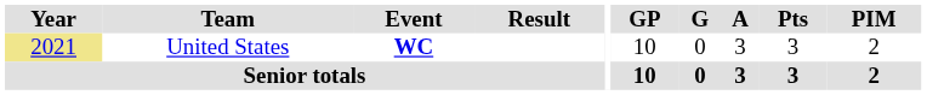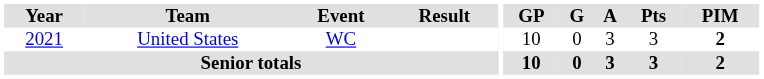 <table border="0" cellpadding="1" cellspacing="0" ID="Table3" style="text-align:center; width:40em">
 <tr ALIGN="center" bgcolor="#e0e0e0">
 <th>Year</th>
 <th>Team</th>
 <th>Event</th>
 <th>Result</th>
 <th rowspan="99" bgcolor="#ffffff"></th>
 <th>GP</th>
 <th>G</th>
 <th>A</th>
 <th>Pts</th>
 <th>PIM</th>
 </tr>
 <tr>
-<td style="background: khaki;"><a href='#'>2021</a></td>
+<td><a href='#'>2021</a></td>
 <td><a href='#'>United States</a></td>
-<td><strong><a href='#'>WC</a></strong></td>
+<td><a href='#'>WC</a></td>
 <td></td>
 <td>10</td>
 <td>0</td>
 <td>3</td>
 <td>3</td>
-<td>2</td>
+<td><strong>2</strong></td>
 </tr>
 <tr bgcolor="#e0e0e0">
 <th colspan="4">Senior totals</th>
 <th>10</th>
 <th>0</th>
 <th>3</th>
 <th>3</th>
 <th>2</th>
 </tr>
 </table>
